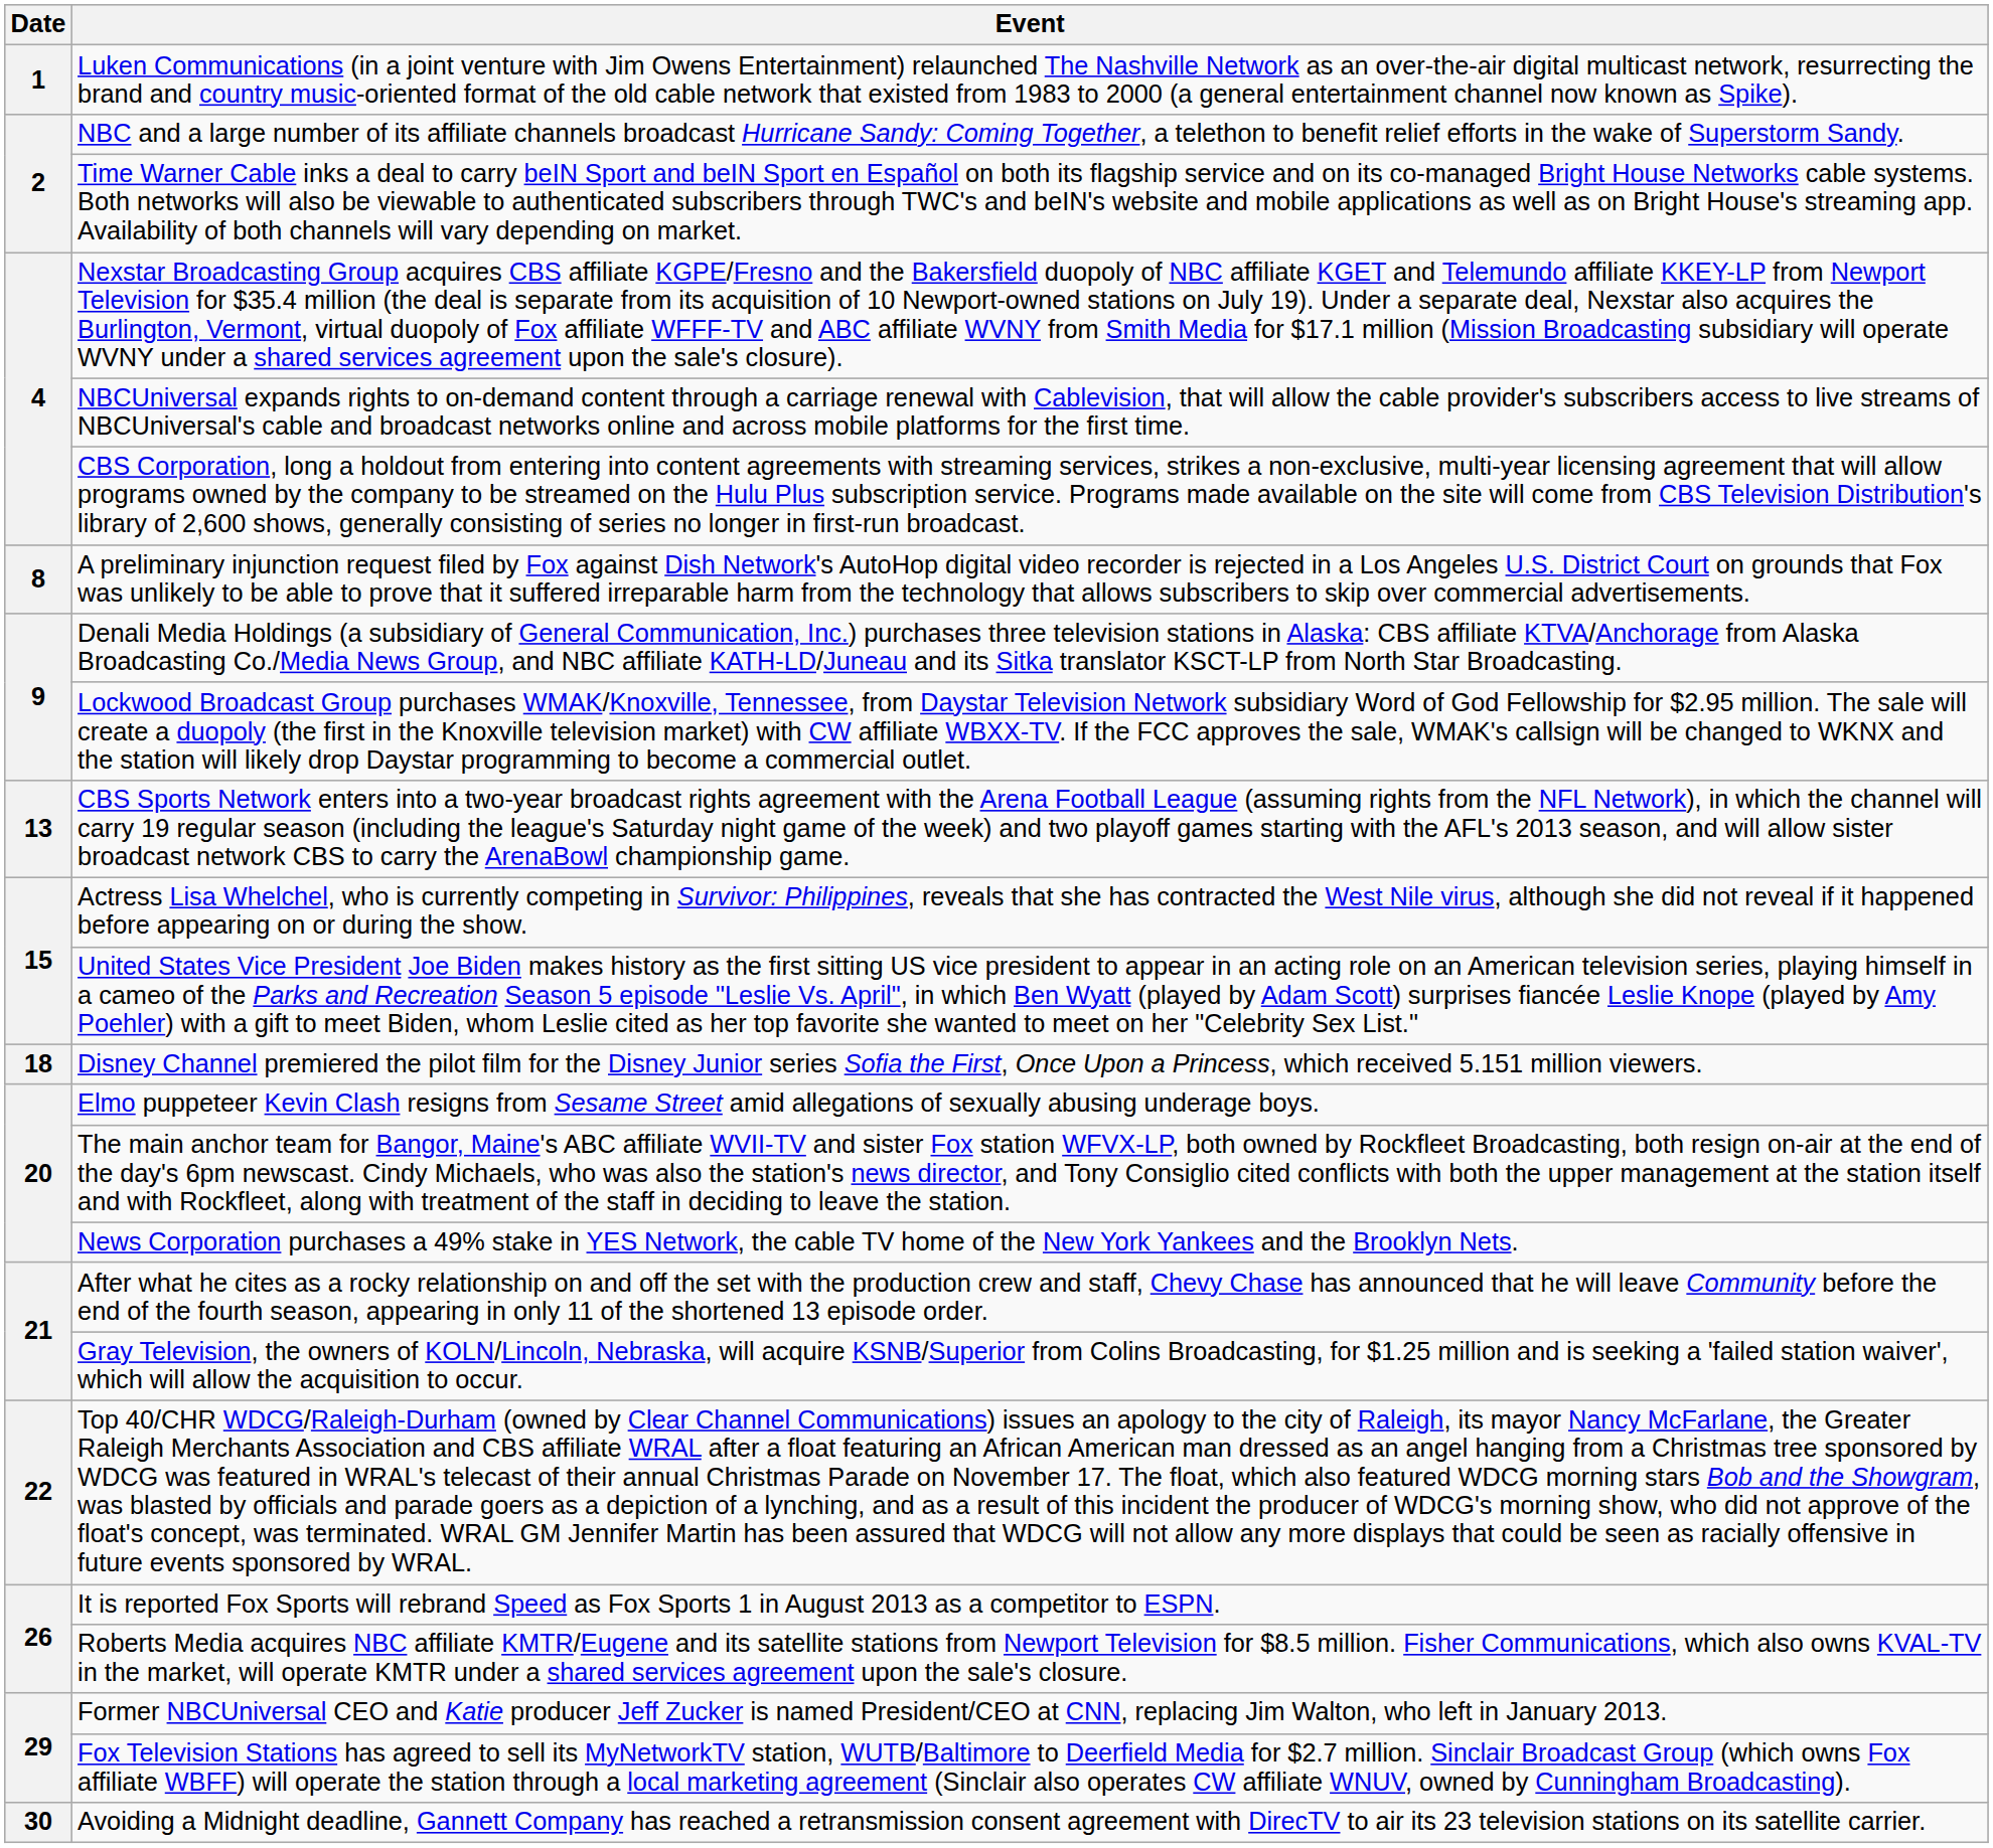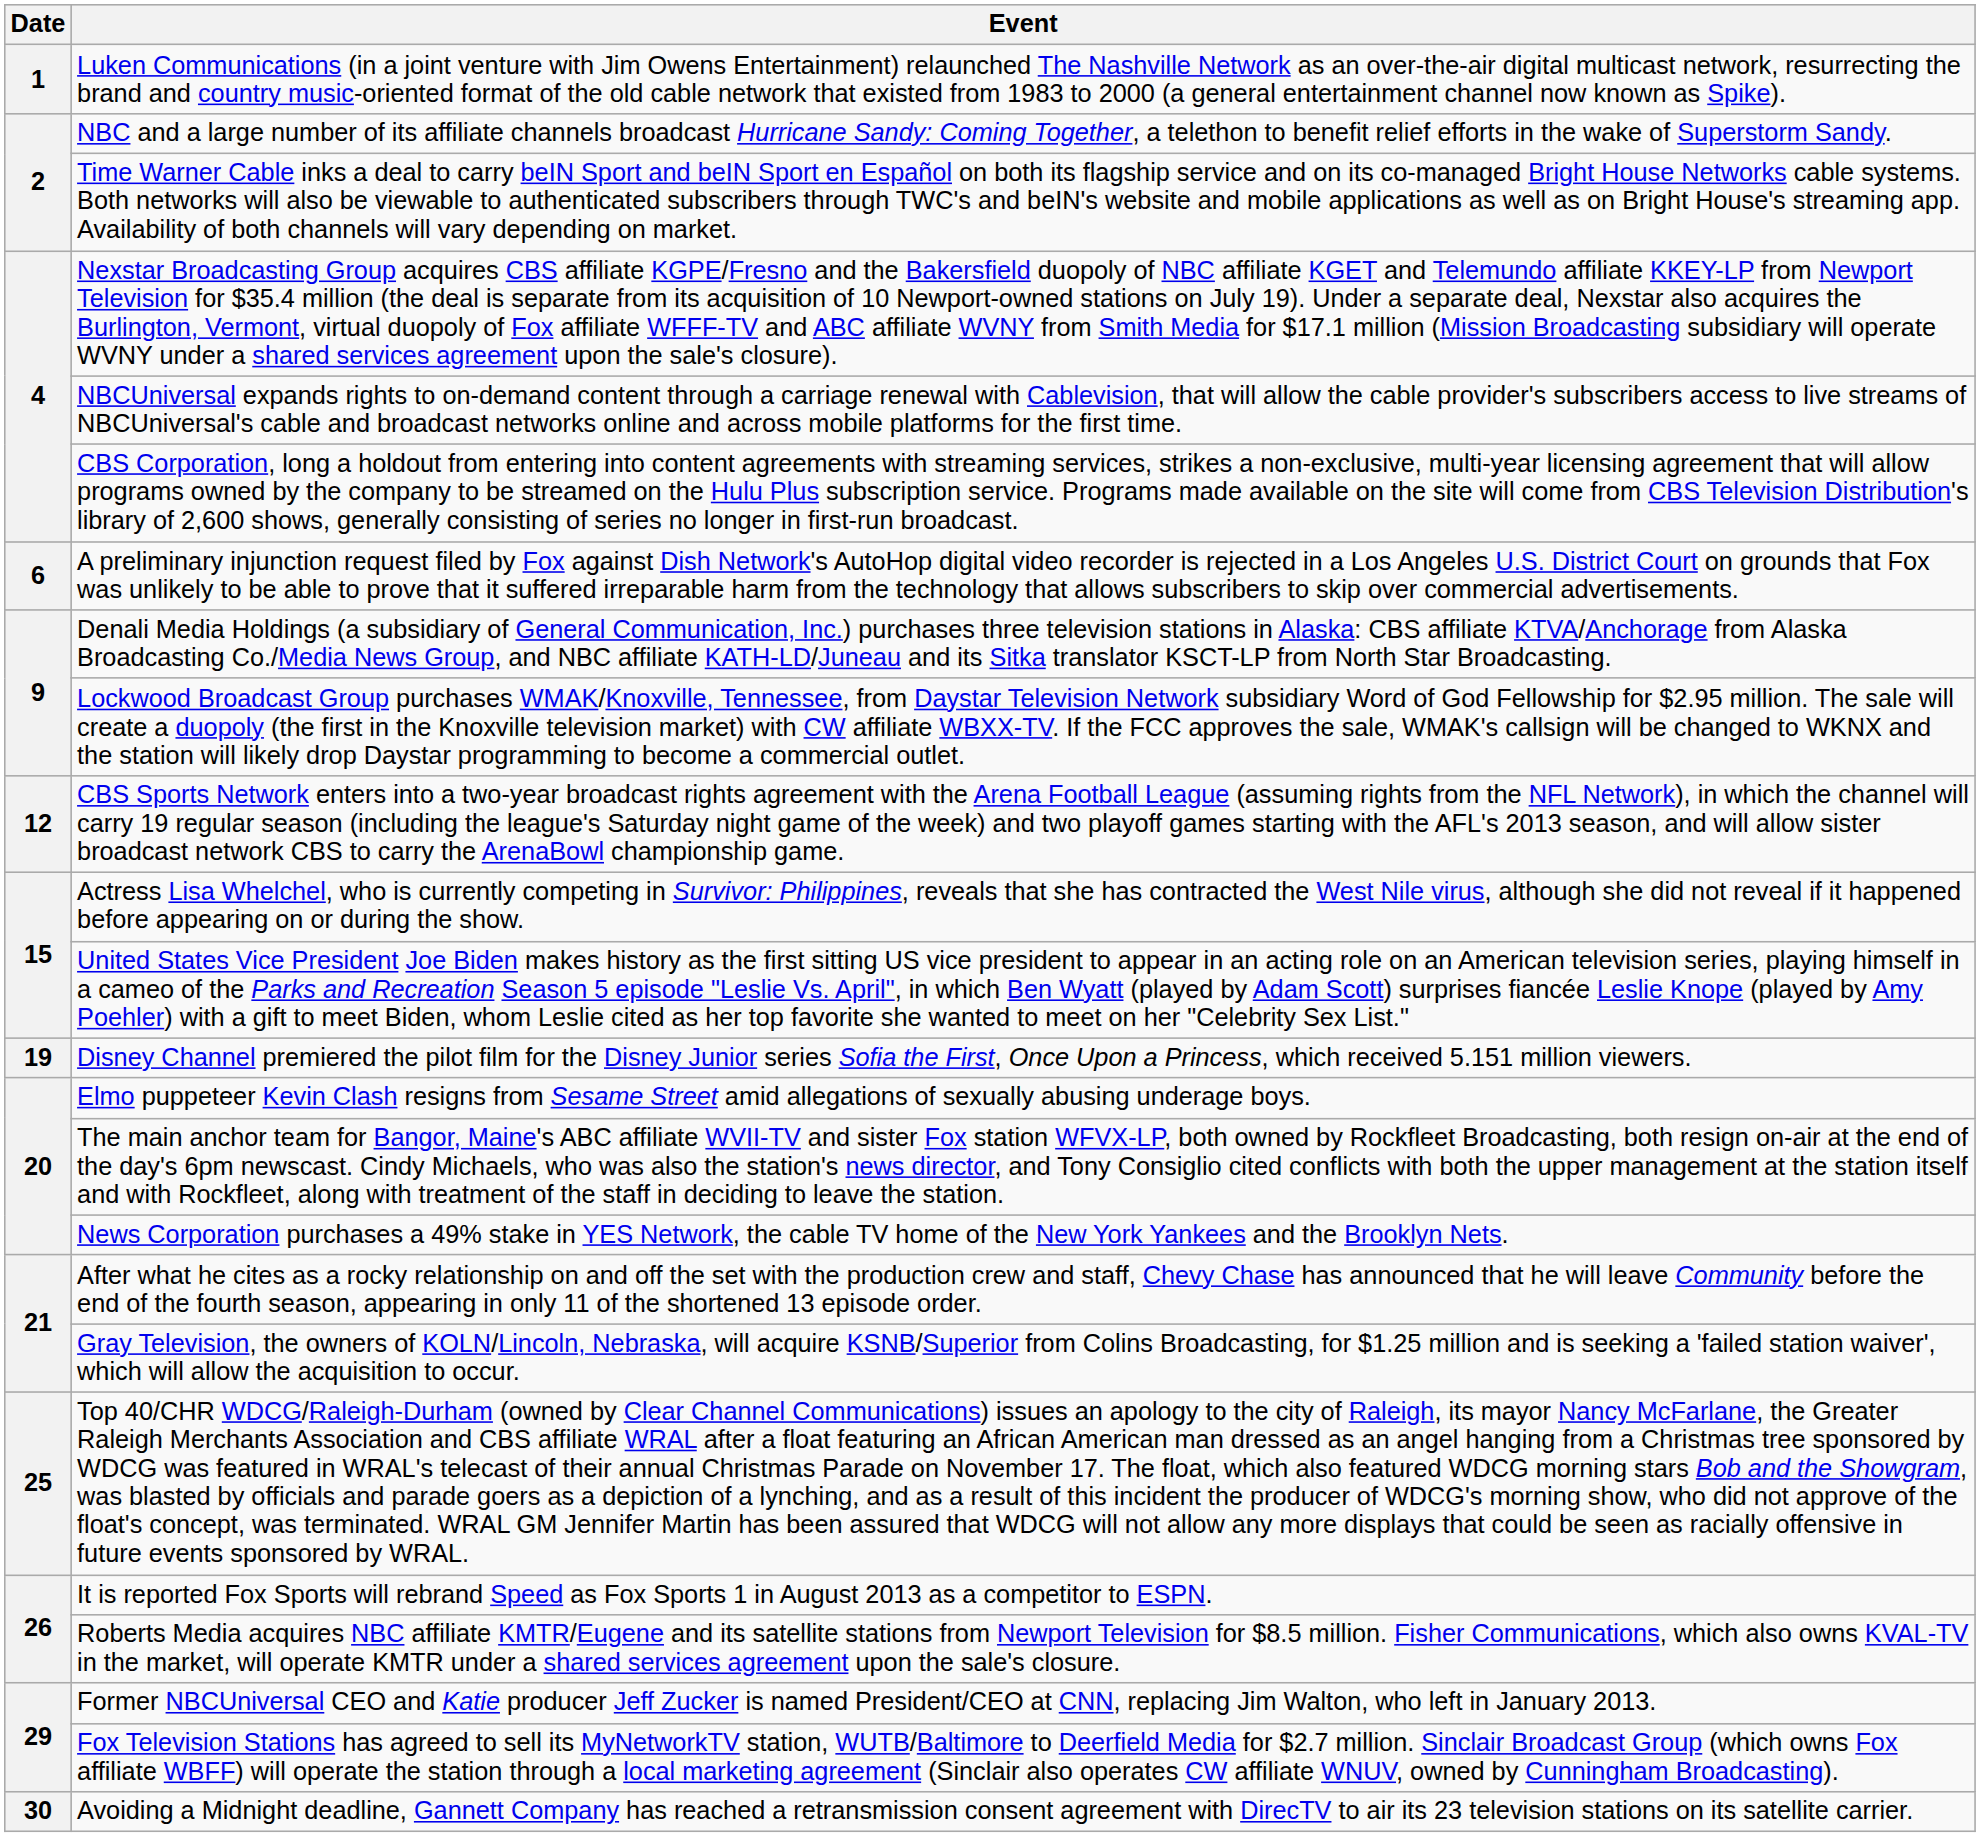 <table class="wikitable">
 <tr>
 <th>Date</th>
 <th>Event</th>
 </tr>
 <tr>
 <th>1</th>
 <td><a href='#'>Luken Communications</a> (in a joint venture with Jim Owens Entertainment) relaunched <a href='#'>The Nashville Network</a> as an over-the-air digital multicast network, resurrecting the brand and <a href='#'>country music</a>-oriented format of the old cable network that existed from 1983 to 2000 (a general entertainment channel now known as <a href='#'>Spike</a>).</td>
 </tr>
 <tr>
 <th rowspan=2>2</th>
 <td><a href='#'>NBC</a> and a large number of its affiliate channels broadcast <em><a href='#'>Hurricane Sandy: Coming Together</a></em>, a telethon to benefit relief efforts in the wake of <a href='#'>Superstorm Sandy</a>.</td>
 </tr>
 <tr>
 <td><a href='#'>Time Warner Cable</a> inks a deal to carry <a href='#'>beIN Sport and beIN Sport en Español</a> on both its flagship service and on its co-managed <a href='#'>Bright House Networks</a> cable systems. Both networks will also be viewable to authenticated subscribers through TWC's and beIN's website and mobile applications as well as on Bright House's streaming app. Availability of both channels will vary depending on market.</td>
 </tr>
 <tr>
 <th rowspan=3>4</th>
 <td><a href='#'>Nexstar Broadcasting Group</a> acquires <a href='#'>CBS</a> affiliate <a href='#'>KGPE</a>/<a href='#'>Fresno</a> and the <a href='#'>Bakersfield</a> duopoly of <a href='#'>NBC</a> affiliate <a href='#'>KGET</a> and <a href='#'>Telemundo</a> affiliate <a href='#'>KKEY-LP</a> from <a href='#'>Newport Television</a> for $35.4 million (the deal is separate from its acquisition of 10 Newport-owned stations on July 19). Under a separate deal, Nexstar also acquires the <a href='#'>Burlington, Vermont</a>, virtual duopoly of <a href='#'>Fox</a> affiliate <a href='#'>WFFF-TV</a> and <a href='#'>ABC</a> affiliate <a href='#'>WVNY</a> from <a href='#'>Smith Media</a> for $17.1 million (<a href='#'>Mission Broadcasting</a> subsidiary will operate WVNY under a <a href='#'>shared services agreement</a> upon the sale's closure).</td>
 </tr>
 <tr>
 <td><a href='#'>NBCUniversal</a> expands rights to on-demand content through a carriage renewal with <a href='#'>Cablevision</a>, that will allow the cable provider's subscribers access to live streams of NBCUniversal's cable and broadcast networks online and across mobile platforms for the first time.</td>
 </tr>
 <tr>
 <td><a href='#'>CBS Corporation</a>, long a holdout from entering into content agreements with streaming services, strikes a non-exclusive, multi-year licensing agreement that will allow programs owned by the company to be streamed on the <a href='#'>Hulu Plus</a> subscription service. Programs made available on the site will come from <a href='#'>CBS Television Distribution</a>'s library of 2,600 shows, generally consisting of series no longer in first-run broadcast.</td>
 </tr>
 <tr>
-<th>8</th>
+<th>6</th>
 <td>A preliminary injunction request filed by <a href='#'>Fox</a> against <a href='#'>Dish Network</a>'s AutoHop digital video recorder is rejected in a Los Angeles <a href='#'>U.S. District Court</a> on grounds that Fox was unlikely to be able to prove that it suffered irreparable harm from the technology that allows subscribers to skip over commercial advertisements.</td>
 </tr>
 <tr>
 <th rowspan="2">9</th>
 <td>Denali Media Holdings (a subsidiary of <a href='#'>General Communication, Inc.</a>) purchases three television stations in <a href='#'>Alaska</a>: CBS affiliate <a href='#'>KTVA</a>/<a href='#'>Anchorage</a> from Alaska Broadcasting Co./<a href='#'>Media News Group</a>, and NBC affiliate <a href='#'>KATH-LD</a>/<a href='#'>Juneau</a> and its <a href='#'>Sitka</a> translator KSCT-LP from North Star Broadcasting.</td>
 </tr>
 <tr>
 <td><a href='#'>Lockwood Broadcast Group</a> purchases <a href='#'>WMAK</a>/<a href='#'>Knoxville, Tennessee</a>, from <a href='#'>Daystar Television Network</a> subsidiary Word of God Fellowship for $2.95 million. The sale will create a <a href='#'>duopoly</a> (the first in the Knoxville television market) with <a href='#'>CW</a> affiliate <a href='#'>WBXX-TV</a>. If the FCC approves the sale, WMAK's callsign will be changed to WKNX and the station will likely drop Daystar programming to become a commercial outlet.</td>
 </tr>
 <tr>
-<th>13</th>
+<th>12</th>
 <td><a href='#'>CBS Sports Network</a> enters into a two-year broadcast rights agreement with the <a href='#'>Arena Football League</a> (assuming rights from the <a href='#'>NFL Network</a>), in which the channel will carry 19 regular season (including the league's Saturday night game of the week) and two playoff games starting with the AFL's 2013 season, and will allow sister broadcast network CBS to carry the <a href='#'>ArenaBowl</a> championship game.</td>
 </tr>
 <tr>
 <th rowspan="2">15</th>
 <td>Actress <a href='#'>Lisa Whelchel</a>, who is currently competing in <em><a href='#'>Survivor: Philippines</a></em>, reveals that she has contracted the <a href='#'>West Nile virus</a>, although she did not reveal if it happened before appearing on or during the show.</td>
 </tr>
 <tr>
 <td><a href='#'>United States Vice President</a> <a href='#'>Joe Biden</a> makes history as the first sitting US vice president to appear in an acting role on an American television series, playing himself in a cameo of the <em><a href='#'>Parks and Recreation</a></em> <a href='#'>Season 5 episode "Leslie Vs. April"</a>, in which <a href='#'>Ben Wyatt</a> (played by <a href='#'>Adam Scott</a>) surprises fiancée <a href='#'>Leslie Knope</a> (played by <a href='#'>Amy Poehler</a>) with a gift to meet Biden, whom Leslie cited as her top favorite she wanted to meet on her "Celebrity Sex List."</td>
 </tr>
 <tr>
-<th>18</th>
+<th>19</th>
 <td><a href='#'>Disney Channel</a> premiered the pilot film for the <a href='#'>Disney Junior</a> series <em><a href='#'>Sofia the First</a></em>, <em>Once Upon a Princess</em>, which received 5.151 million viewers.</td>
 </tr>
 <tr>
 <th rowspan="3">20</th>
 <td><a href='#'>Elmo</a> puppeteer <a href='#'>Kevin Clash</a> resigns from <em><a href='#'>Sesame Street</a></em> amid allegations of sexually abusing underage boys.</td>
 </tr>
 <tr>
 <td>The main anchor team for <a href='#'>Bangor, Maine</a>'s ABC affiliate <a href='#'>WVII-TV</a> and sister <a href='#'>Fox</a> station <a href='#'>WFVX-LP</a>, both owned by Rockfleet Broadcasting, both resign on-air at the end of the day's 6pm newscast. Cindy Michaels, who was also the station's <a href='#'>news director</a>, and Tony Consiglio cited conflicts with both the upper management at the station itself and with Rockfleet, along with treatment of the staff in deciding to leave the station.</td>
 </tr>
 <tr>
 <td><a href='#'>News Corporation</a> purchases a 49% stake in <a href='#'>YES Network</a>, the cable TV home of the <a href='#'>New York Yankees</a> and the <a href='#'>Brooklyn Nets</a>.</td>
 </tr>
 <tr>
 <th rowspan=2>21</th>
 <td>After what he cites as a rocky relationship on and off the set with the production crew and staff, <a href='#'>Chevy Chase</a> has announced that he will leave <em><a href='#'>Community</a></em> before the end of the fourth season, appearing in only 11 of the shortened 13 episode order.</td>
 </tr>
 <tr>
 <td><a href='#'>Gray Television</a>, the owners of <a href='#'>KOLN</a>/<a href='#'>Lincoln, Nebraska</a>, will acquire <a href='#'>KSNB</a>/<a href='#'>Superior</a> from Colins Broadcasting, for $1.25 million and is seeking a 'failed station waiver', which will allow the acquisition to occur.</td>
 </tr>
 <tr>
-<th>22</th>
+<th>25</th>
 <td>Top 40/CHR <a href='#'>WDCG</a>/<a href='#'>Raleigh-Durham</a> (owned by <a href='#'>Clear Channel Communications</a>) issues an apology to the city of <a href='#'>Raleigh</a>, its mayor <a href='#'>Nancy McFarlane</a>, the Greater Raleigh Merchants Association and CBS affiliate <a href='#'>WRAL</a> after a float featuring an African American man dressed as an angel hanging from a Christmas tree sponsored by WDCG was featured in WRAL's telecast of their annual Christmas Parade on November 17. The float, which also featured WDCG morning stars <em><a href='#'>Bob and the Showgram</a></em>, was blasted by officials and parade goers as a depiction of a lynching, and as a result of this incident the producer of WDCG's morning show, who did not approve of the float's concept, was terminated. WRAL GM Jennifer Martin has been assured that WDCG will not allow any more displays that could be seen as racially offensive in future events sponsored by WRAL.</td>
 </tr>
 <tr>
 <th rowspan=2>26</th>
 <td>It is reported Fox Sports will rebrand <a href='#'>Speed</a> as Fox Sports 1 in August 2013 as a competitor to <a href='#'>ESPN</a>.</td>
 </tr>
 <tr>
 <td>Roberts Media acquires <a href='#'>NBC</a> affiliate <a href='#'>KMTR</a>/<a href='#'>Eugene</a> and its satellite stations from <a href='#'>Newport Television</a> for $8.5 million. <a href='#'>Fisher Communications</a>, which also owns <a href='#'>KVAL-TV</a> in the market, will operate KMTR under a <a href='#'>shared services agreement</a> upon the sale's closure.</td>
 </tr>
 <tr>
 <th rowspan=2>29</th>
 <td>Former <a href='#'>NBCUniversal</a> CEO and <em><a href='#'>Katie</a></em> producer <a href='#'>Jeff Zucker</a> is named President/CEO at <a href='#'>CNN</a>, replacing Jim Walton, who left in January 2013.</td>
 </tr>
 <tr>
 <td><a href='#'>Fox Television Stations</a> has agreed to sell its <a href='#'>MyNetworkTV</a> station, <a href='#'>WUTB</a>/<a href='#'>Baltimore</a> to <a href='#'>Deerfield Media</a> for $2.7 million. <a href='#'>Sinclair Broadcast Group</a> (which owns <a href='#'>Fox</a> affiliate <a href='#'>WBFF</a>) will operate the station through a <a href='#'>local marketing agreement</a> (Sinclair also operates <a href='#'>CW</a> affiliate <a href='#'>WNUV</a>, owned by <a href='#'>Cunningham Broadcasting</a>).</td>
 </tr>
 <tr>
 <th>30</th>
 <td>Avoiding a Midnight deadline, <a href='#'>Gannett Company</a> has reached a retransmission consent agreement with <a href='#'>DirecTV</a> to air its 23 television stations on its satellite carrier.</td>
 </tr>
 </table>
